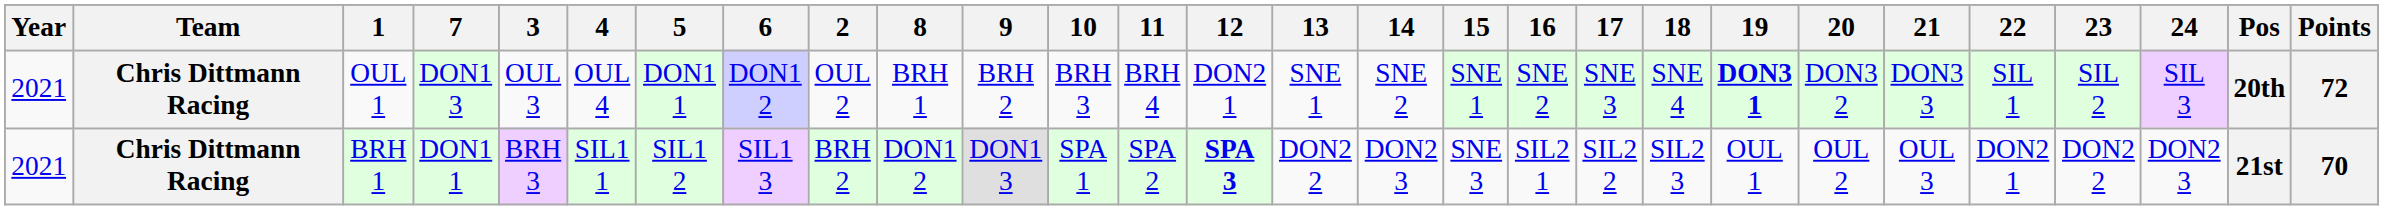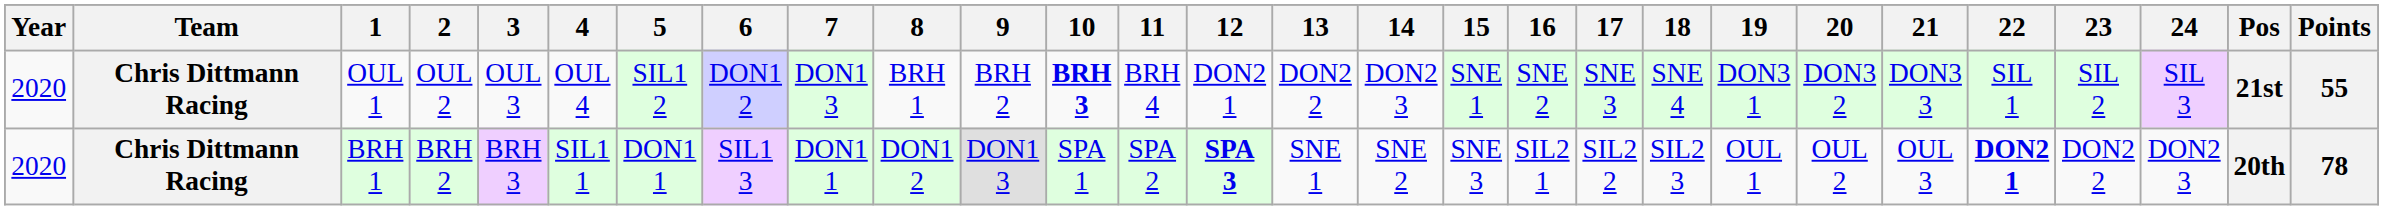 <table class="wikitable" style="text-align:center; font-size:90%">
 <tr>
 <th>Year</th>
 <th>Team</th>
 <th>1</th>
-<th>7</th>
+<th>2</th>
 <th>3</th>
 <th>4</th>
 <th>5</th>
 <th>6</th>
-<th>2</th>
+<th>7</th>
 <th>8</th>
 <th>9</th>
 <th>10</th>
 <th>11</th>
 <th>12</th>
 <th>13</th>
 <th>14</th>
 <th>15</th>
 <th>16</th>
 <th>17</th>
 <th>18</th>
 <th>19</th>
 <th>20</th>
 <th>21</th>
 <th>22</th>
 <th>23</th>
 <th>24</th>
 <th>Pos</th>
 <th>Points</th>
 </tr>
 <tr>
-<td><a href='#'>2021</a></td>
+<td><a href='#'>2020</a></td>
 <th>Chris Dittmann Racing</th>
 <td style="background:#;"><a href='#'>OUL<br>1</a></td>
-<td style="background:#DFFFDF;"><a href='#'>DON1<br>3</a><br></td>
+<td style="background:#;"><a href='#'>OUL<br>2</a></td>
 <td style="background:#;"><a href='#'>OUL<br>3</a></td>
 <td style="background:#;"><a href='#'>OUL<br>4</a></td>
-<td style="background:#DFFFDF;"><a href='#'>DON1<br>1</a><br></td>
+<td style="background:#DFFFDF;"><a href='#'>SIL1<br>2</a><br></td>
 <td style="background:#CFCFFF;"><a href='#'>DON1<br>2</a><br></td>
-<td style="background:#;"><a href='#'>OUL<br>2</a></td>
+<td style="background:#DFFFDF;"><a href='#'>DON1<br>3</a><br></td>
 <td style="background:#;"><a href='#'>BRH<br>1</a></td>
 <td style="background:#;"><a href='#'>BRH<br>2</a></td>
-<td style="background:#;"><a href='#'>BRH<br>3</a></td>
+<td style="background:#;"><strong><a href='#'>BRH<br>3</a></strong></td>
 <td style="background:#;"><a href='#'>BRH<br>4</a></td>
 <td style="background:#;"><a href='#'>DON2<br>1</a></td>
-<td style="background:#;"><a href='#'>SNE<br>1</a></td>
-<td style="background:#;"><a href='#'>SNE<br>2</a></td>
+<td style="background:#;"><a href='#'>DON2<br>2</a></td>
+<td style="background:#;"><a href='#'>DON2<br>3</a></td>
 <td style="background:#DFFFDF;"><a href='#'>SNE<br>1</a><br></td>
 <td style="background:#DFFFDF;"><a href='#'>SNE<br>2</a><br></td>
 <td style="background:#DFFFDF;"><a href='#'>SNE<br>3</a><br></td>
 <td style="background:#DFFFDF;"><a href='#'>SNE<br>4</a><br></td>
-<td style="background:#DFFFDF;"><strong><a href='#'>DON3<br>1</a><br></strong></td>
+<td style="background:#DFFFDF;"><a href='#'>DON3<br>1</a><br></td>
 <td style="background:#DFFFDF;"><a href='#'>DON3<br>2</a><br></td>
 <td style="background:#DFFFDF;"><a href='#'>DON3<br>3</a><br></td>
 <td style="background:#DFFFDF;"><a href='#'>SIL<br>1</a><br></td>
 <td style="background:#DFFFDF;"><a href='#'>SIL<br>2</a><br></td>
 <td style="background:#EFCFFF;"><a href='#'>SIL<br>3</a><br></td>
-<th>20th</th>
-<th>72</th>
+<th>21st</th>
+<th>55</th>
 </tr>
 <tr>
-<td><a href='#'>2021</a></td>
+<td><a href='#'>2020</a></td>
 <th>Chris Dittmann Racing</th>
 <td style="background:#DFFFDF;"><a href='#'>BRH<br>1</a><br></td>
-<td style="background:#DFFFDF;"><a href='#'>DON1<br>1</a><br></td>
+<td style="background:#DFFFDF;"><a href='#'>BRH<br>2</a><br></td>
 <td style="background:#EFCFFF;"><a href='#'>BRH<br>3</a><br></td>
 <td style="background:#DFFFDF;"><a href='#'>SIL1<br>1</a><br></td>
-<td style="background:#DFFFDF;"><a href='#'>SIL1<br>2</a><br></td>
+<td style="background:#DFFFDF;"><a href='#'>DON1<br>1</a><br></td>
 <td style="background:#EFCFFF;"><a href='#'>SIL1<br>3</a><br></td>
-<td style="background:#DFFFDF;"><a href='#'>BRH<br>2</a><br></td>
+<td style="background:#DFFFDF;"><a href='#'>DON1<br>1</a><br></td>
 <td style="background:#DFFFDF;"><a href='#'>DON1<br>2</a><br></td>
 <td style="background:#DFDFDF;"><a href='#'>DON1<br>3</a><br></td>
 <td style="background:#DFFFDF;"><a href='#'>SPA<br>1</a><br></td>
 <td style="background:#DFFFDF;"><a href='#'>SPA<br>2</a><br></td>
 <td style="background:#DFFFDF;"><strong><a href='#'>SPA<br>3</a><br></strong></td>
-<td style="background:#;"><a href='#'>DON2<br>2</a></td>
-<td style="background:#;"><a href='#'>DON2<br>3</a></td>
+<td style="background:#;"><a href='#'>SNE<br>1</a></td>
+<td style="background:#;"><a href='#'>SNE<br>2</a></td>
 <td style="background:#;"><a href='#'>SNE<br>3</a></td>
 <td style="background:#;"><a href='#'>SIL2<br>1</a></td>
 <td style="background:#;"><a href='#'>SIL2<br>2</a></td>
 <td style="background:#;"><a href='#'>SIL2<br>3</a></td>
 <td style="background:#;"><a href='#'>OUL<br>1</a></td>
 <td style="background:#;"><a href='#'>OUL<br>2</a></td>
 <td style="background:#;"><a href='#'>OUL<br>3</a></td>
-<td style="background:#;"><a href='#'>DON2<br>1</a></td>
+<td style="background:#;"><strong><a href='#'>DON2<br>1</a></strong></td>
 <td style="background:#;"><a href='#'>DON2<br>2</a></td>
 <td style="background:#;"><a href='#'>DON2<br>3</a></td>
-<th>21st</th>
-<th>70</th>
+<th>20th</th>
+<th>78</th>
 </tr>
 </table>
